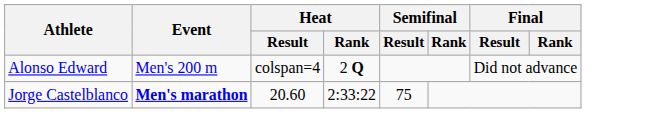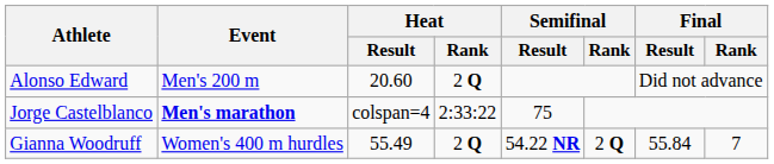 <table class="wikitable" style="font-size:90%">
 <tr>
 <th rowspan="2">Athlete</th>
 <th rowspan="2">Event</th>
 <th colspan="2">Heat</th>
 <th colspan="2">Semifinal</th>
 <th colspan="2">Final</th>
 </tr>
 <tr style="font-size:95%">
 <th>Result</th>
 <th>Rank</th>
 <th>Result</th>
 <th>Rank</th>
 <th>Result</th>
 <th>Rank</th>
 </tr>
 <tr align="center">
 <td align="left"><a href='#'>Alonso Edward</a></td>
 <td align="left"><a href='#'>Men's 200 m</a></td>
-<td>colspan=4 </td>
+<td>20.60</td>
 <td>2 <strong>Q</strong></td>
 <td colspan=2></td>
 <td colspan=2>Did not advance</td>
 </tr>
 <tr align=center>
 <td align=left><a href='#'>Jorge Castelblanco</a></td>
 <td align=left><strong><a href='#'>Men's marathon</a></strong></td>
-<td>20.60</td>
+<td>colspan=4 </td>
 <td>2:33:22</td>
 <td>75</td>
 </tr>
+<tr align=center>
+<td align=left><a href='#'>Gianna Woodruff</a></td>
+<td align=left><a href='#'>Women's 400 m hurdles</a></td>
+<td>55.49</td>
+<td>2 <strong>Q</strong></td>
+<td>54.22 <strong><a href='#'>NR</a></strong></td>
+<td>2 <strong>Q</strong></td>
+<td>55.84</td>
+<td>7</td>
+</tr>
 </table>
